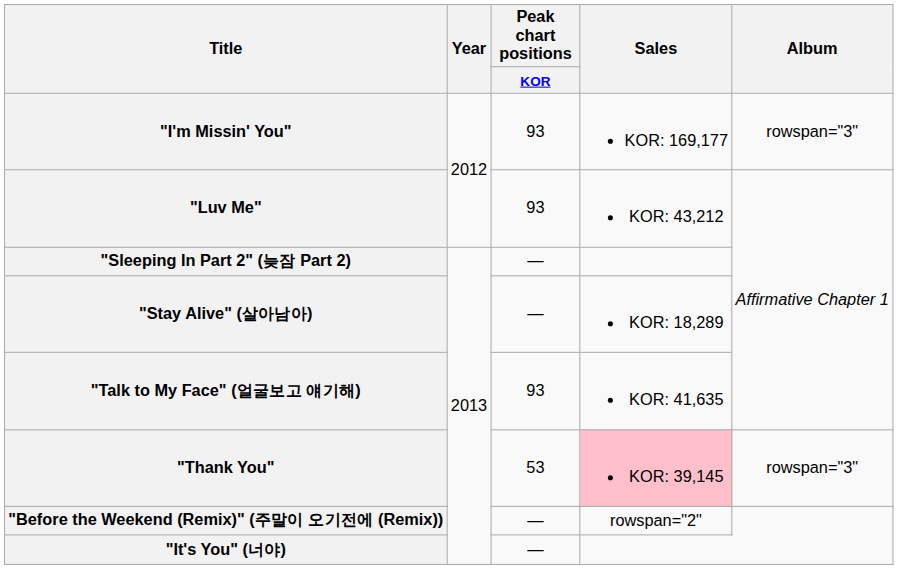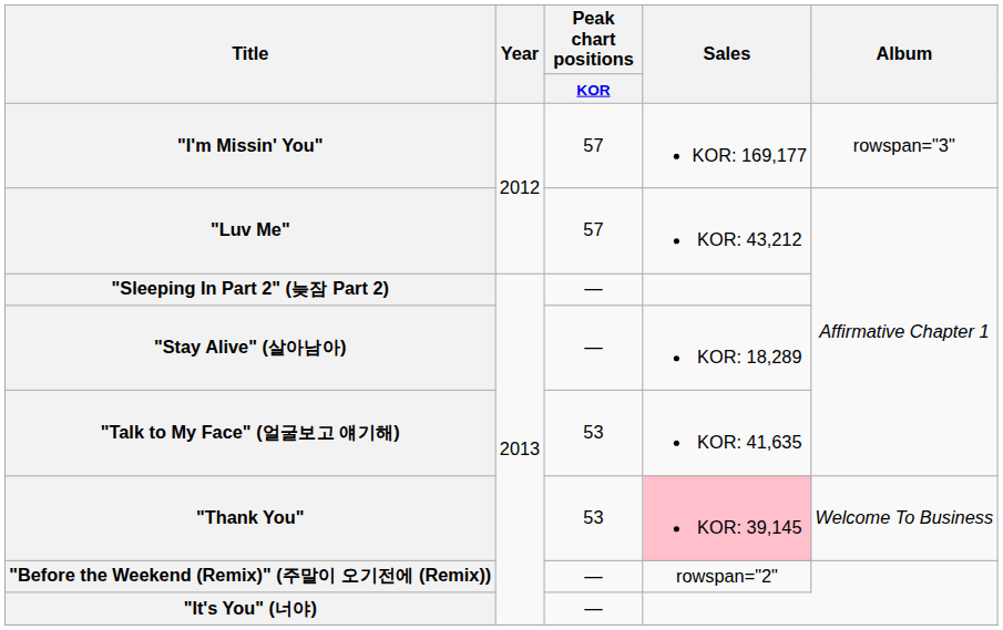 <table class="wikitable plainrowheaders" style="text-align:center;">
 <tr>
 <th rowspan="2" scope="col">Title</th>
 <th rowspan="2" scope="col">Year</th>
 <th scope="col" style="width:5em;">Peak chart positions</th>
 <th rowspan="2" scope="col">Sales</th>
 <th rowspan="2" scope="col">Album</th>
 </tr>
 <tr>
 <th><small><a href='#'>KOR</a></small><br></th>
 </tr>
 <tr>
 <th scope="row">"I'm Missin' You"</th>
 <td rowspan="2">2012</td>
-<td>93</td>
+<td>57</td>
 <td><br><ul><li>KOR: 169,177</li></ul></td>
 <td>rowspan="3" </td>
 </tr>
 <tr>
 <th scope="row">"Luv Me"</th>
-<td>93</td>
+<td>57</td>
 <td><br><ul><li>KOR: 43,212</li></ul></td>
 <td rowspan="4"><em>Affirmative Chapter 1</em></td>
 </tr>
 <tr>
 <th scope="row">"Sleeping In Part 2" (늦잠 Part 2)<br></th>
 <td rowspan="6">2013</td>
 <td>—</td>
 <td></td>
 </tr>
 <tr>
 <th scope="row">"Stay Alive" (살아남아)<br></th>
 <td>—</td>
 <td><br><ul><li>KOR: 18,289</li></ul></td>
 </tr>
 <tr>
 <th scope="row">"Talk to My Face" (얼굴보고 얘기해)</th>
-<td>93</td>
+<td>53</td>
 <td><br><ul><li>KOR: 41,635</li></ul></td>
 </tr>
 <tr>
 <th scope="row">"Thank You"<br></th>
 <td>53</td>
 <td style="background: pink;"><br><ul><li>KOR: 39,145</li></ul></td>
-<td>rowspan="3" </td>
+<td><em>Welcome To Business</em></td>
 </tr>
 <tr>
 <th scope="row">"Before the Weekend (Remix)" (주말이 오기전에 (Remix))</th>
 <td>—</td>
 <td>rowspan="2" </td>
 </tr>
 <tr>
 <th scope="row">"It's You" (너야)</th>
 <td>—</td>
 </tr>
 <tr>
 </tr>
 </table>
